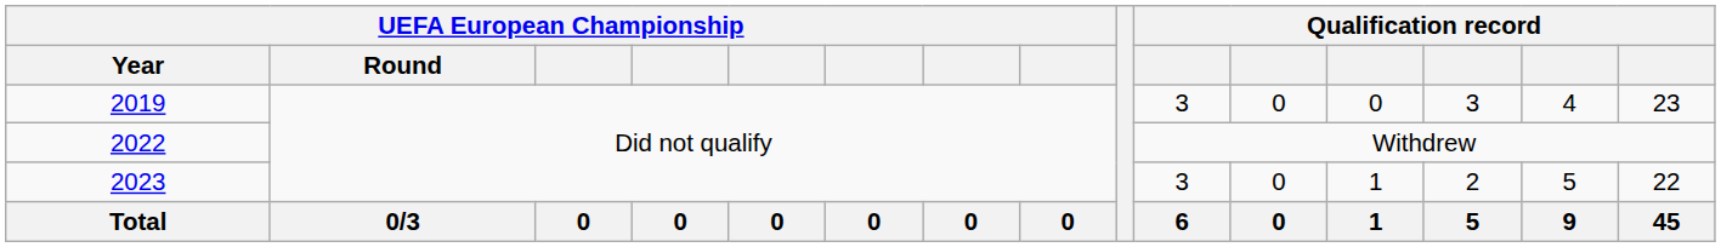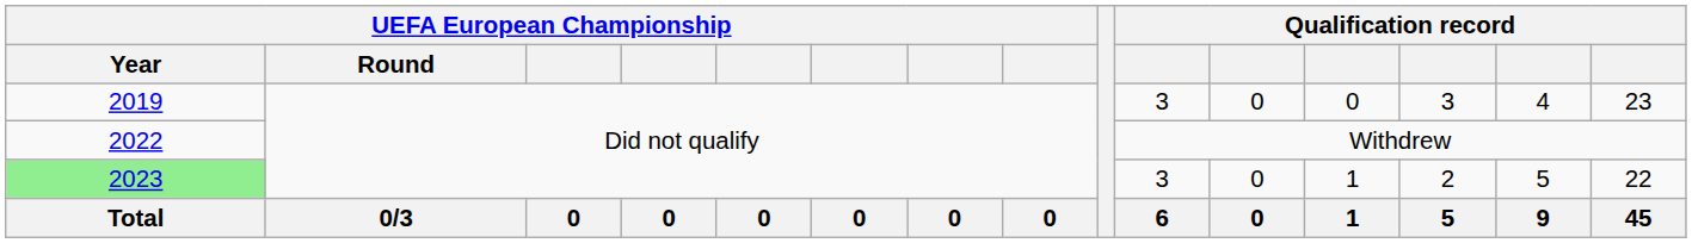 <table class="wikitable" width=50% style="text-align: center;font-size:90%;">
 <tr>
 <th colspan=8><a href='#'>UEFA European Championship</a></th>
 <th width=1% rowspan=20></th>
 <th colspan=8>Qualification record</th>
 </tr>
 <tr>
 <th width=80>Year</th>
 <th width=80>Round</th>
 <th width=25></th>
 <th width=25></th>
 <th width=25></th>
 <th width=25></th>
 <th width=25></th>
 <th width=25></th>
 <th width=25></th>
 <th width=25></th>
 <th width=25></th>
 <th width=25></th>
 <th width=25></th>
 <th width=25></th>
 </tr>
 <tr>
 <td> <a href='#'>2019</a></td>
 <td colspan=7 rowspan=3>Did not  qualify</td>
 <td>3</td>
 <td>0</td>
 <td>0</td>
 <td>3</td>
 <td>4</td>
 <td>23</td>
 </tr>
 <tr>
 <td> <a href='#'>2022</a></td>
 <td colspan=7>Withdrew</td>
 </tr>
 <tr>
-<td> <a href='#'>2023</a></td>
+<td style="background: lightgreen;"> <a href='#'>2023</a></td>
 <td>3</td>
 <td>0</td>
 <td>1</td>
 <td>2</td>
 <td>5</td>
 <td>22</td>
 </tr>
 <tr>
 <th>Total</th>
 <th>0/3</th>
 <th>0</th>
 <th>0</th>
 <th>0</th>
 <th>0</th>
 <th>0</th>
 <th>0</th>
 <th>6</th>
 <th>0</th>
 <th>1</th>
 <th>5</th>
 <th>9</th>
 <th>45</th>
 </tr>
 </table>
